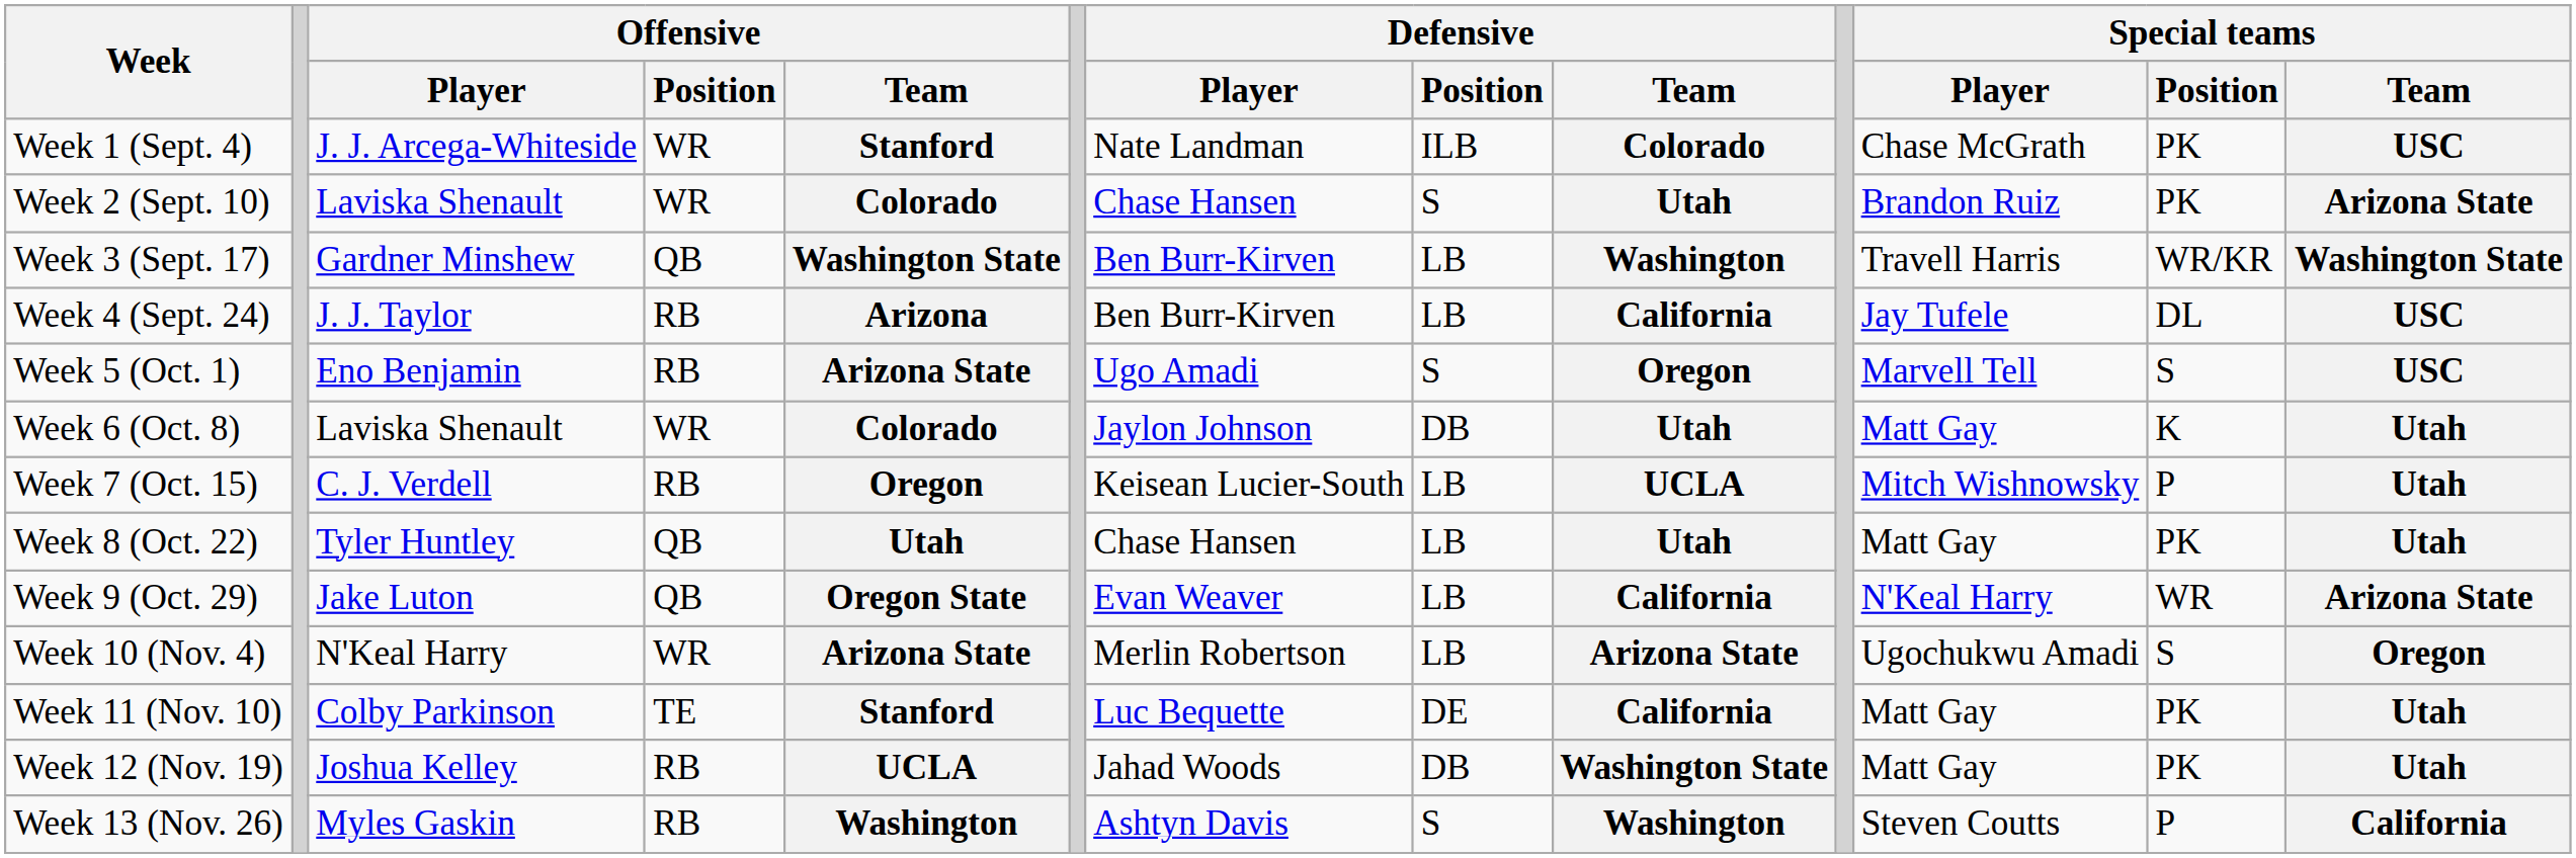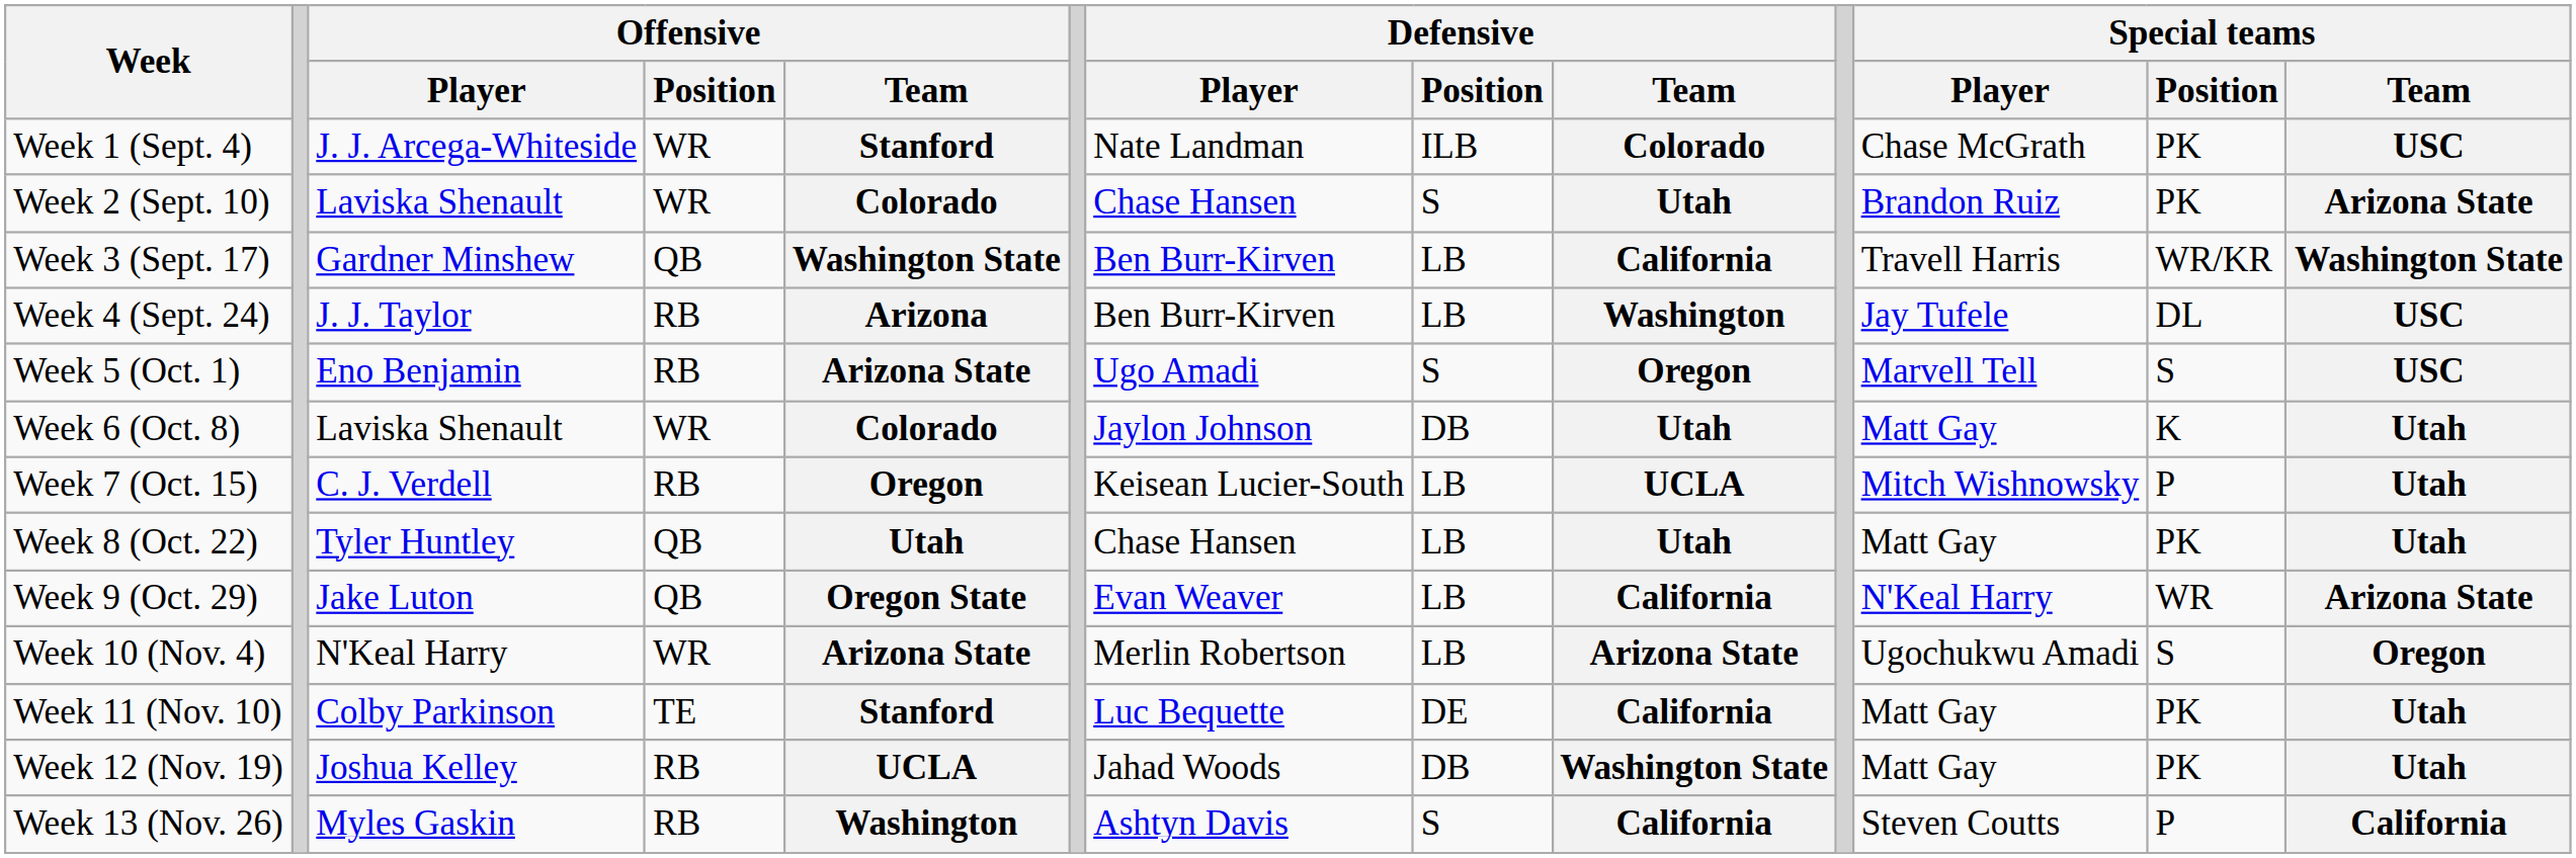 <table class="wikitable" border="1">
 <tr>
 <th rowspan="2">Week</th>
 <th rowSpan="16" style="background-color:lightgrey;"></th>
 <th colspan="3">Offensive</th>
 <th rowSpan="16" style="background-color:lightgrey;"></th>
 <th colspan="3">Defensive</th>
 <th rowSpan="16" style="background-color:lightgrey;"></th>
 <th colspan="3">Special teams</th>
 </tr>
 <tr>
 <th>Player</th>
 <th>Position</th>
 <th>Team</th>
 <th>Player</th>
 <th>Position</th>
 <th>Team</th>
 <th>Player</th>
 <th>Position</th>
 <th>Team</th>
 </tr>
 <tr>
 <td>Week 1 (Sept. 4)</td>
 <td><a href='#'>J. J. Arcega-Whiteside</a></td>
 <td>WR</td>
 <th>Stanford</th>
 <td>Nate Landman</td>
 <td>ILB</td>
 <th>Colorado</th>
 <td>Chase McGrath</td>
 <td>PK</td>
 <th>USC</th>
 </tr>
 <tr>
 <td>Week 2 (Sept. 10)</td>
 <td><a href='#'>Laviska Shenault</a></td>
 <td>WR</td>
 <th>Colorado</th>
 <td><a href='#'>Chase Hansen</a></td>
 <td>S</td>
 <th>Utah</th>
 <td><a href='#'>Brandon Ruiz</a></td>
 <td>PK</td>
 <th>Arizona State</th>
 </tr>
 <tr>
 <td>Week 3 (Sept. 17)</td>
 <td><a href='#'>Gardner Minshew</a></td>
 <td>QB</td>
 <th>Washington State</th>
 <td><a href='#'>Ben Burr-Kirven</a></td>
 <td>LB</td>
-<th>Washington</th>
+<th>California</th>
 <td>Travell Harris</td>
 <td>WR/KR</td>
 <th>Washington State</th>
 </tr>
 <tr>
 <td>Week 4 (Sept. 24)</td>
 <td><a href='#'>J. J. Taylor</a></td>
 <td>RB</td>
 <th>Arizona</th>
 <td>Ben Burr-Kirven</td>
 <td>LB</td>
-<th>California</th>
+<th>Washington</th>
 <td><a href='#'>Jay Tufele</a></td>
 <td>DL</td>
 <th>USC</th>
 </tr>
 <tr>
 <td>Week 5 (Oct. 1)</td>
 <td><a href='#'>Eno Benjamin</a></td>
 <td>RB</td>
 <th>Arizona State</th>
 <td><a href='#'>Ugo Amadi</a></td>
 <td>S</td>
 <th>Oregon</th>
 <td><a href='#'>Marvell Tell</a></td>
 <td>S</td>
 <th>USC</th>
 </tr>
 <tr>
 <td>Week 6 (Oct. 8)</td>
 <td>Laviska Shenault</td>
 <td>WR</td>
 <th>Colorado</th>
 <td><a href='#'>Jaylon Johnson</a></td>
 <td>DB</td>
 <th>Utah</th>
 <td><a href='#'>Matt Gay</a></td>
 <td>K</td>
 <th>Utah</th>
 </tr>
 <tr>
 <td>Week 7 (Oct. 15)</td>
 <td><a href='#'>C. J. Verdell</a></td>
 <td>RB</td>
 <th>Oregon</th>
 <td>Keisean Lucier-South</td>
 <td>LB</td>
 <th>UCLA</th>
 <td><a href='#'>Mitch Wishnowsky</a></td>
 <td>P</td>
 <th>Utah</th>
 </tr>
 <tr>
 <td>Week 8 (Oct. 22) </td>
 <td><a href='#'>Tyler Huntley</a></td>
 <td>QB</td>
 <th>Utah</th>
 <td>Chase Hansen</td>
 <td>LB</td>
 <th>Utah</th>
 <td>Matt Gay</td>
 <td>PK</td>
 <th>Utah</th>
 </tr>
 <tr>
 <td>Week 9 (Oct. 29)</td>
 <td><a href='#'>Jake Luton</a></td>
 <td>QB</td>
 <th>Oregon State</th>
 <td><a href='#'>Evan Weaver</a></td>
 <td>LB</td>
 <th>California</th>
 <td><a href='#'>N'Keal Harry</a></td>
 <td>WR</td>
 <th>Arizona State</th>
 </tr>
 <tr>
 <td>Week 10 (Nov. 4)</td>
 <td>N'Keal Harry</td>
 <td>WR</td>
 <th>Arizona State</th>
 <td>Merlin Robertson</td>
 <td>LB</td>
 <th>Arizona State</th>
 <td>Ugochukwu Amadi</td>
 <td>S</td>
 <th>Oregon</th>
 </tr>
 <tr>
 <td>Week 11 (Nov. 10)</td>
 <td><a href='#'>Colby Parkinson</a></td>
 <td>TE</td>
 <th>Stanford</th>
 <td><a href='#'>Luc Bequette</a></td>
 <td>DE</td>
 <th>California</th>
 <td>Matt Gay</td>
 <td>PK</td>
 <th>Utah</th>
 </tr>
 <tr>
 <td>Week 12 (Nov. 19)</td>
 <td><a href='#'>Joshua Kelley</a></td>
 <td>RB</td>
 <th>UCLA</th>
 <td>Jahad Woods</td>
 <td>DB</td>
 <th>Washington State</th>
 <td>Matt Gay</td>
 <td>PK</td>
 <th>Utah</th>
 </tr>
 <tr>
 <td>Week 13 (Nov. 26)</td>
 <td><a href='#'>Myles Gaskin</a></td>
 <td>RB</td>
 <th>Washington</th>
 <td><a href='#'>Ashtyn Davis</a></td>
 <td>S</td>
-<th>Washington</th>
+<th>California</th>
 <td>Steven Coutts</td>
 <td>P</td>
 <th>California</th>
 </tr>
 <tr>
 </tr>
 </table>
